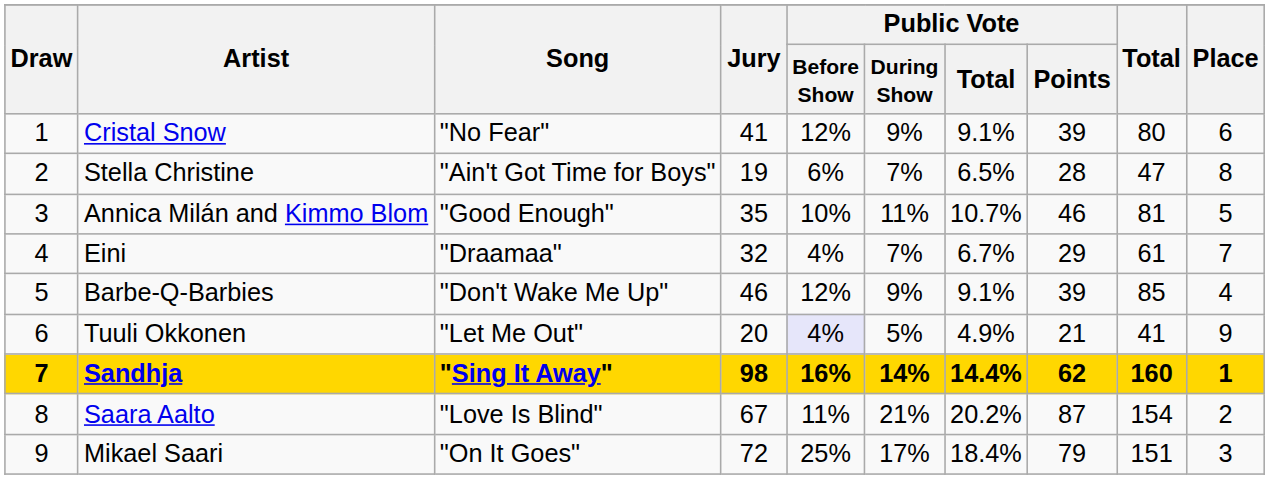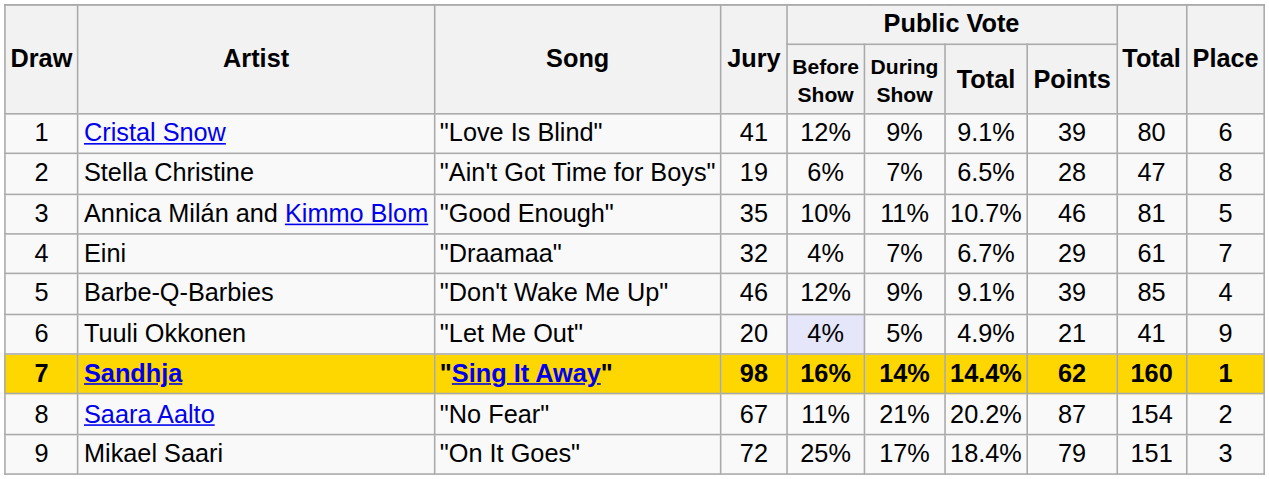 <table class="sortable wikitable" style="margin: 1em auto 1em auto; text-align:center;">
 <tr>
 </tr>
 <tr>
 <th rowspan="2">Draw</th>
 <th rowspan="2">Artist</th>
 <th rowspan="2">Song</th>
 <th rowspan="2">Jury</th>
 <th colspan="4">Public Vote</th>
 <th rowspan="2">Total</th>
 <th rowspan="2">Place</th>
 </tr>
 <tr>
 <th><small>Before<br>Show</small></th>
 <th><small>During<br>Show</small></th>
 <th>Total</th>
 <th>Points</th>
 </tr>
 <tr>
 <td>1</td>
 <td align="left"><a href='#'>Cristal Snow</a></td>
-<td align="left">"No Fear"</td>
+<td align="left">"Love Is Blind"</td>
 <td>41</td>
 <td>12%</td>
 <td>9%</td>
 <td>9.1%</td>
 <td>39</td>
 <td>80</td>
 <td>6</td>
 </tr>
 <tr>
 <td>2</td>
 <td align="left">Stella Christine</td>
 <td align="left">"Ain't Got Time for Boys"</td>
 <td>19</td>
 <td>6%</td>
 <td>7%</td>
 <td>6.5%</td>
 <td>28</td>
 <td>47</td>
 <td>8</td>
 </tr>
 <tr>
 <td>3</td>
 <td align="left">Annica Milán and <a href='#'>Kimmo Blom</a></td>
 <td align="left">"Good Enough"</td>
 <td>35</td>
 <td>10%</td>
 <td>11%</td>
 <td>10.7%</td>
 <td>46</td>
 <td>81</td>
 <td>5</td>
 </tr>
 <tr>
 <td>4</td>
 <td align="left">Eini</td>
 <td align="left">"Draamaa"</td>
 <td>32</td>
 <td>4%</td>
 <td>7%</td>
 <td>6.7%</td>
 <td>29</td>
 <td>61</td>
 <td>7</td>
 </tr>
 <tr>
 <td>5</td>
 <td align="left">Barbe-Q-Barbies</td>
 <td align="left">"Don't Wake Me Up"</td>
 <td>46</td>
 <td>12%</td>
 <td>9%</td>
 <td>9.1%</td>
 <td>39</td>
 <td>85</td>
 <td>4</td>
 </tr>
 <tr>
 <td>6</td>
 <td align="left">Tuuli Okkonen</td>
 <td align="left">"Let Me Out"</td>
 <td>20</td>
 <td style="background: lavender;">4%</td>
 <td>5%</td>
 <td>4.9%</td>
 <td>21</td>
 <td>41</td>
 <td>9</td>
 </tr>
 <tr style="font-weight:bold; background:gold;">
 <td>7</td>
 <td align="left"><a href='#'>Sandhja</a></td>
 <td align="left">"<a href='#'>Sing It Away</a>"</td>
 <td>98</td>
 <td>16%</td>
 <td>14%</td>
 <td>14.4%</td>
 <td>62</td>
 <td>160</td>
 <td>1</td>
 </tr>
 <tr>
 <td>8</td>
 <td align="left"><a href='#'>Saara Aalto</a></td>
-<td align="left">"Love Is Blind"</td>
+<td align="left">"No Fear"</td>
 <td>67</td>
 <td>11%</td>
 <td>21%</td>
 <td>20.2%</td>
 <td>87</td>
 <td>154</td>
 <td>2</td>
 </tr>
 <tr>
 <td>9</td>
 <td align="left">Mikael Saari</td>
 <td align="left">"On It Goes"</td>
 <td>72</td>
 <td>25%</td>
 <td>17%</td>
 <td>18.4%</td>
 <td>79</td>
 <td>151</td>
 <td>3</td>
 </tr>
 </table>
